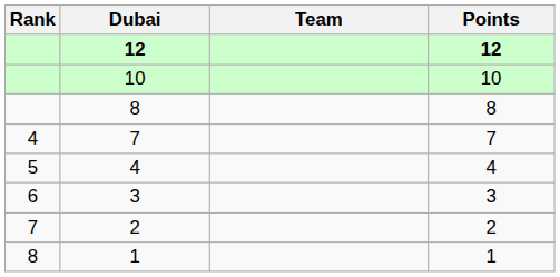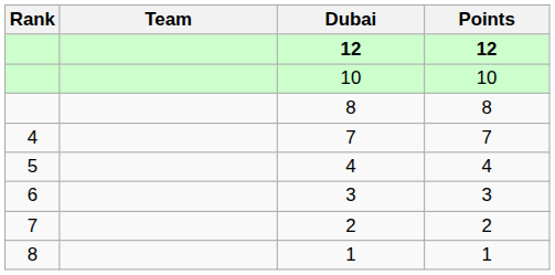 <table class="wikitable" style="text-align: center;">
 <tr>
 <th width=40>Rank</th>
+<th width=180>Team</th>
 <th width=120>Dubai</th>
-<th width=180>Team</th>
 <th width=100>Points</th>
 </tr>
 <tr bgcolor=ccffcc>
 <td></td>
+<td align=left></td>
 <td><strong>12</strong></td>
-<td align=left></td>
 <td><strong>12</strong></td>
 </tr>
 <tr bgcolor=ccffcc>
 <td></td>
+<td align=left></td>
 <td>10</td>
-<td align=left></td>
 <td>10</td>
 </tr>
 <tr>
 <td></td>
+<td align=left></td>
 <td>8</td>
-<td align=left></td>
 <td>8</td>
 </tr>
 <tr>
 <td>4</td>
+<td align=left></td>
 <td>7</td>
-<td align=left></td>
 <td>7</td>
 </tr>
 <tr>
 <td>5</td>
+<td align=left></td>
 <td>4</td>
-<td align=left></td>
 <td>4</td>
 </tr>
 <tr>
 <td>6</td>
+<td align=left></td>
 <td>3</td>
-<td align=left></td>
 <td>3</td>
 </tr>
 <tr>
 <td>7</td>
+<td align=left></td>
 <td>2</td>
-<td align=left></td>
 <td>2</td>
 </tr>
 <tr>
 <td>8</td>
+<td align=left></td>
 <td>1</td>
-<td align=left></td>
 <td>1</td>
 </tr>
 </table>
